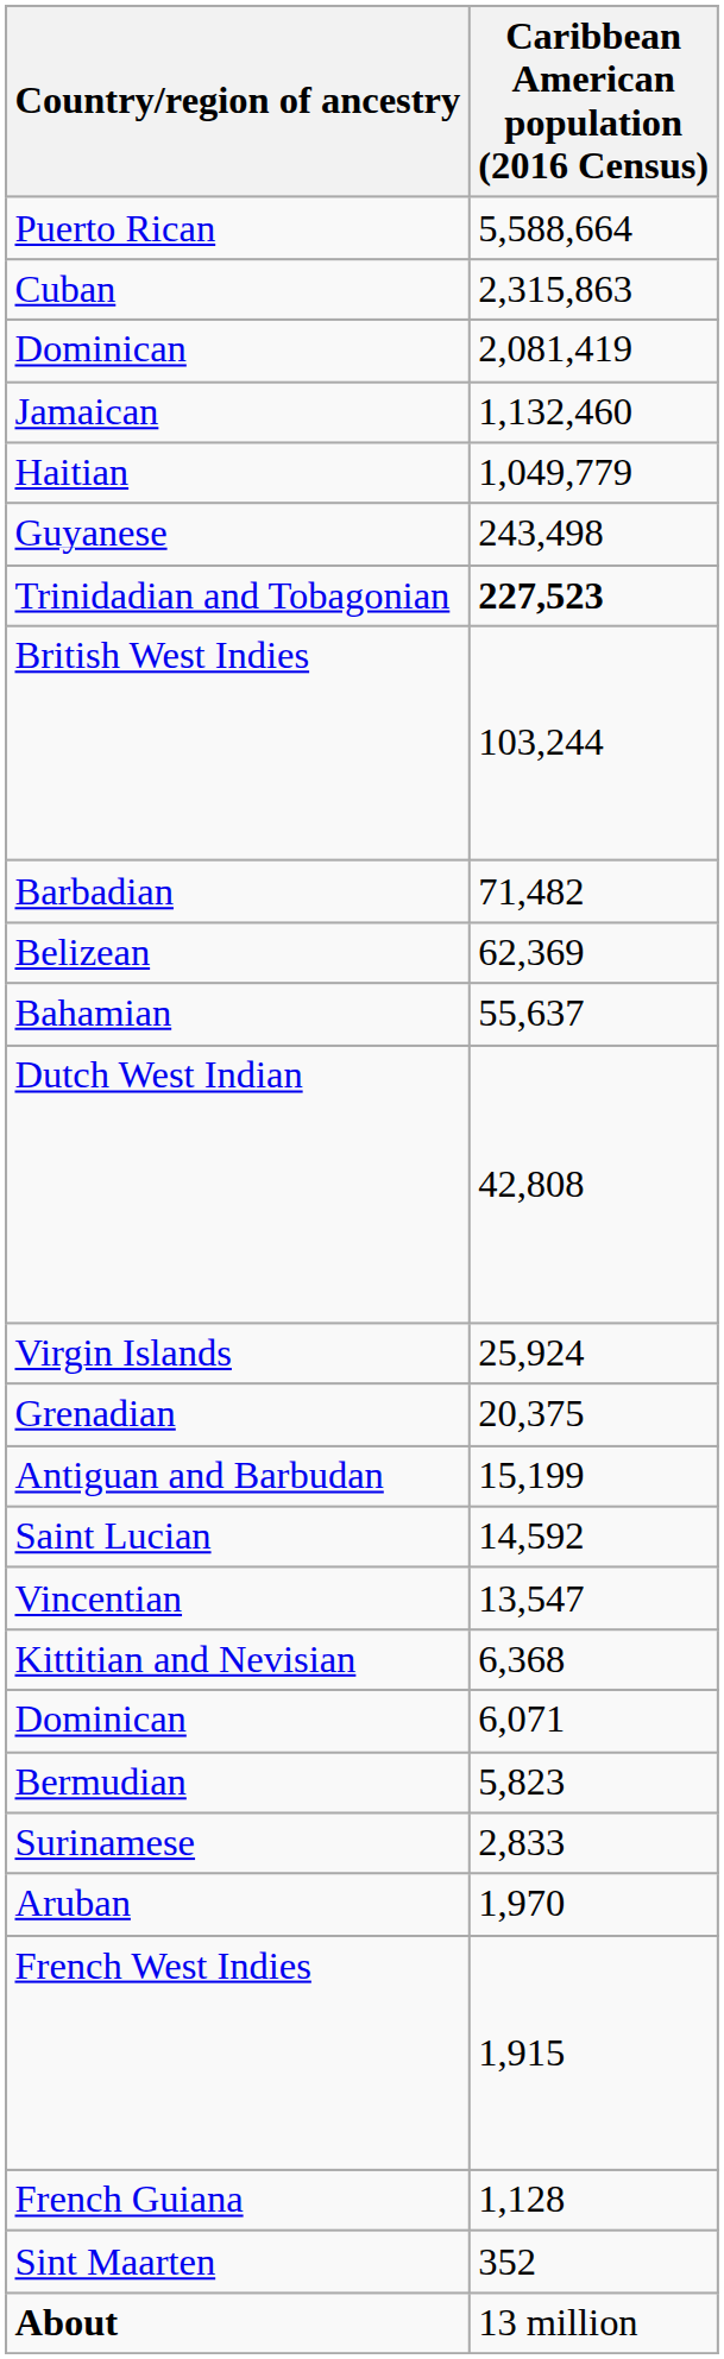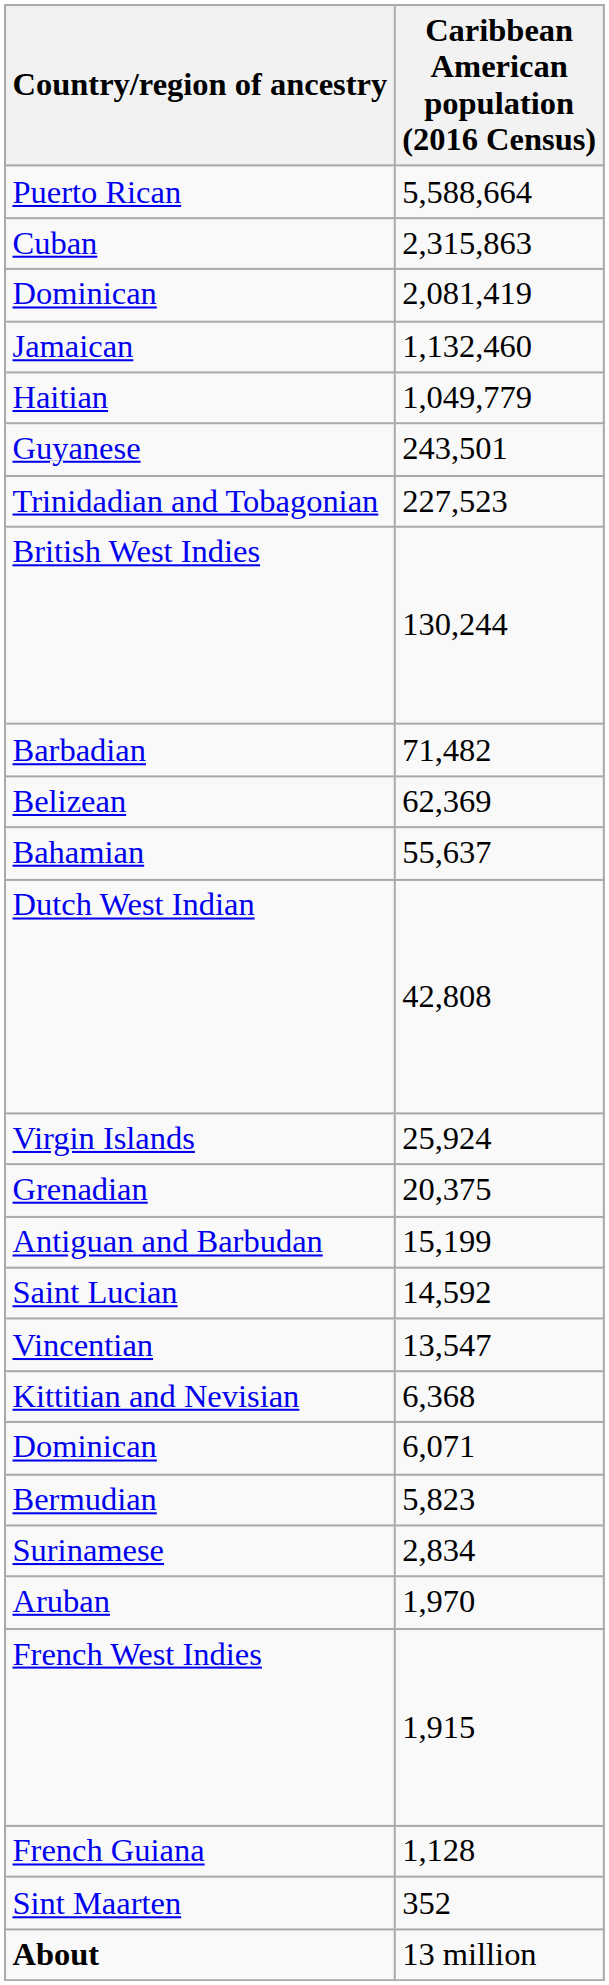 <table class="wikitable">
 <tr>
 <th scope="col">Country/region of ancestry</th>
 <th scope="col">Caribbean<br>American<br>population<br>(2016 Census)</th>
 </tr>
 <tr>
 <td>  <a href='#'>Puerto Rican</a></td>
 <td>5,588,664</td>
 </tr>
 <tr>
 <td> <a href='#'>Cuban</a></td>
 <td>2,315,863</td>
 </tr>
 <tr>
 <td> <a href='#'>Dominican</a></td>
 <td>2,081,419</td>
 </tr>
 <tr>
 <td> <a href='#'>Jamaican</a></td>
 <td>1,132,460</td>
 </tr>
 <tr>
 <td> <a href='#'>Haitian</a></td>
 <td>1,049,779</td>
 </tr>
 <tr>
 <td> <a href='#'>Guyanese</a></td>
-<td>243,498</td>
+<td>243,501</td>
 </tr>
 <tr>
 <td> <a href='#'>Trinidadian and Tobagonian</a></td>
-<td><strong>227,523</strong></td>
+<td>227,523</td>
 </tr>
 <tr>
 <td> <a href='#'>British West Indies</a><br><br><br><br><br></td>
-<td>103,244</td>
+<td>130,244</td>
 </tr>
 <tr>
 <td> <a href='#'>Barbadian</a></td>
 <td>71,482</td>
 </tr>
 <tr>
 <td> <a href='#'>Belizean</a></td>
 <td>62,369</td>
 </tr>
 <tr>
 <td> <a href='#'>Bahamian</a></td>
 <td>55,637</td>
 </tr>
 <tr>
 <td> <a href='#'>Dutch West Indian</a><br><br><br><br><br><br></td>
 <td>42,808</td>
 </tr>
 <tr>
 <td>  <a href='#'>Virgin Islands</a></td>
 <td>25,924</td>
 </tr>
 <tr>
 <td> <a href='#'>Grenadian</a></td>
 <td>20,375</td>
 </tr>
 <tr>
 <td> <a href='#'>Antiguan and Barbudan</a></td>
 <td>15,199</td>
 </tr>
 <tr>
 <td> <a href='#'>Saint Lucian</a></td>
 <td>14,592</td>
 </tr>
 <tr>
 <td> <a href='#'>Vincentian</a></td>
 <td>13,547</td>
 </tr>
 <tr>
 <td> <a href='#'>Kittitian and Nevisian</a></td>
 <td>6,368</td>
 </tr>
 <tr>
 <td> <a href='#'>Dominican</a></td>
 <td>6,071</td>
 </tr>
 <tr>
 <td> <a href='#'>Bermudian</a></td>
 <td>5,823</td>
 </tr>
 <tr>
 <td> <a href='#'>Surinamese</a></td>
-<td>2,833</td>
+<td>2,834</td>
 </tr>
 <tr>
 <td>  <a href='#'>Aruban</a></td>
 <td>1,970</td>
 </tr>
 <tr>
 <td> <a href='#'>French West Indies</a><br><br><br><br><br></td>
 <td>1,915</td>
 </tr>
 <tr>
 <td>  <a href='#'>French Guiana</a></td>
 <td>1,128</td>
 </tr>
 <tr>
 <td>  <a href='#'>Sint Maarten</a></td>
 <td>352</td>
 </tr>
 <tr>
 <td><strong>About</strong></td>
 <td>13 million</td>
 </tr>
 </table>
